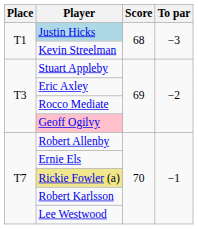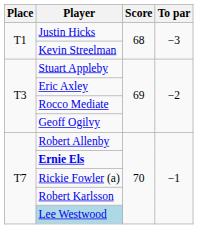 <table class="wikitable">
 <tr>
 <th>Place</th>
 <th>Player</th>
 <th>Score</th>
 <th>To par</th>
 </tr>
 <tr>
 <td rowspan="2" align=center>T1</td>
-<td style="background: lightblue;"> <a href='#'>Justin Hicks</a></td>
+<td> <a href='#'>Justin Hicks</a></td>
 <td rowspan="2" align=center>68</td>
 <td rowspan="2" align=center>−3</td>
 </tr>
 <tr>
 <td> <a href='#'>Kevin Streelman</a></td>
 </tr>
 <tr>
 <td rowspan="4" align=center>T3</td>
 <td> <a href='#'>Stuart Appleby</a></td>
 <td rowspan="4" align=center>69</td>
 <td rowspan="4" align=center>−2</td>
 </tr>
 <tr>
 <td> <a href='#'>Eric Axley</a></td>
 </tr>
 <tr>
 <td> <a href='#'>Rocco Mediate</a></td>
 </tr>
 <tr>
-<td style="background: pink;"> <a href='#'>Geoff Ogilvy</a></td>
+<td> <a href='#'>Geoff Ogilvy</a></td>
 </tr>
 <tr>
 <td rowspan="5" align=center>T7</td>
 <td> <a href='#'>Robert Allenby</a></td>
 <td rowspan="5" align=center>70</td>
 <td rowspan="5" align=center>−1</td>
 </tr>
 <tr>
-<td> <a href='#'>Ernie Els</a></td>
+<td><strong> <a href='#'>Ernie Els</a></strong></td>
 </tr>
 <tr>
-<td style="background: khaki;"> <a href='#'>Rickie Fowler</a> (a)</td>
+<td> <a href='#'>Rickie Fowler</a> (a)</td>
 </tr>
 <tr>
 <td> <a href='#'>Robert Karlsson</a></td>
 </tr>
 <tr>
-<td> <a href='#'>Lee Westwood</a></td>
+<td style="background: lightblue;"> <a href='#'>Lee Westwood</a></td>
 </tr>
 </table>
